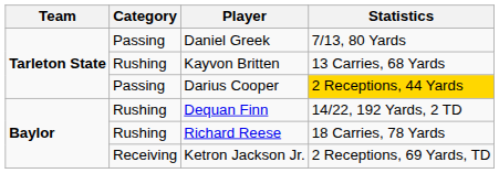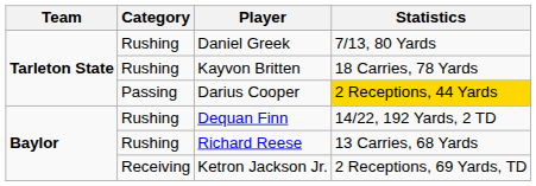 <table class="wikitable" style="float: right;">
 <tr>
 <th>Team</th>
 <th>Category</th>
 <th>Player</th>
 <th>Statistics</th>
 </tr>
 <tr>
 <td rowspan=3><strong>Tarleton State</strong></td>
-<td>Passing</td>
+<td>Rushing</td>
 <td>Daniel Greek</td>
 <td>7/13, 80 Yards</td>
 </tr>
 <tr>
 <td>Rushing</td>
 <td>Kayvon Britten</td>
-<td>13 Carries, 68 Yards</td>
+<td>18 Carries, 78 Yards</td>
 </tr>
 <tr>
 <td>Passing</td>
 <td>Darius Cooper</td>
 <td style="background: gold;">2 Receptions, 44 Yards</td>
 </tr>
 <tr>
 <td rowspan=3><strong>Baylor</strong></td>
 <td>Rushing</td>
 <td><a href='#'>Dequan Finn</a></td>
 <td>14/22, 192 Yards, 2 TD</td>
 </tr>
 <tr>
 <td>Rushing</td>
 <td><a href='#'>Richard Reese</a></td>
-<td>18 Carries, 78 Yards</td>
+<td>13 Carries, 68 Yards</td>
 </tr>
 <tr>
 <td>Receiving</td>
 <td>Ketron Jackson Jr.</td>
 <td>2 Receptions, 69 Yards, TD</td>
 </tr>
 </table>
